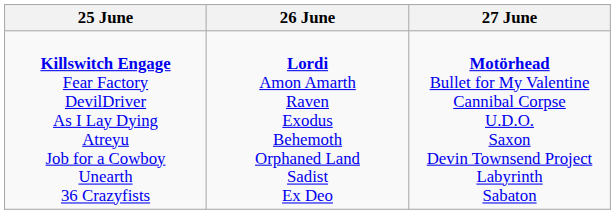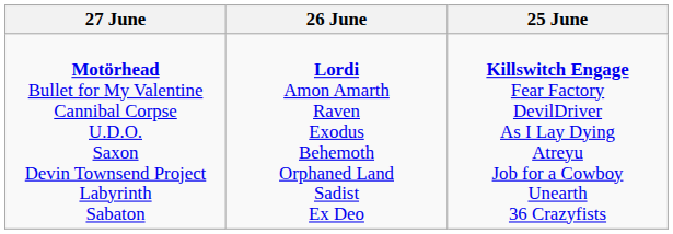 <table class="wikitable">
 <tr>
+<th>27 June</th>
+<th>26 June</th>
 <th>25 June</th>
-<th>26 June</th>
-<th>27 June</th>
 </tr>
 <tr>
+<td valign="top" align="center" width=185><br><strong><a href='#'>Motörhead</a></strong> <br><a href='#'>Bullet for My Valentine</a> <br><a href='#'>Cannibal Corpse</a> <br><a href='#'>U.D.O.</a> <br><a href='#'>Saxon</a> <br><a href='#'>Devin Townsend Project</a> <br><a href='#'>Labyrinth</a> <br><a href='#'>Sabaton</a></td>
+<td valign="top" align="center" width=185><br><strong><a href='#'>Lordi</a></strong> <br><a href='#'>Amon Amarth</a> <br><a href='#'>Raven</a> <br><a href='#'>Exodus</a> <br><a href='#'>Behemoth</a> <br><a href='#'>Orphaned Land</a> <br><a href='#'>Sadist</a> <br><a href='#'>Ex Deo</a></td>
 <td valign="top" align="center" width=185><br><strong><a href='#'>Killswitch Engage</a></strong> <br><a href='#'>Fear Factory</a> <br><a href='#'>DevilDriver</a> <br><a href='#'>As I Lay Dying</a> <br><a href='#'>Atreyu</a> <br><a href='#'>Job for a Cowboy</a> <br><a href='#'>Unearth</a> <br><a href='#'>36 Crazyfists</a></td>
-<td valign="top" align="center" width=185><br><strong><a href='#'>Lordi</a></strong> <br><a href='#'>Amon Amarth</a> <br><a href='#'>Raven</a> <br><a href='#'>Exodus</a> <br><a href='#'>Behemoth</a> <br><a href='#'>Orphaned Land</a> <br><a href='#'>Sadist</a> <br><a href='#'>Ex Deo</a></td>
-<td valign="top" align="center" width=185><br><strong><a href='#'>Motörhead</a></strong> <br><a href='#'>Bullet for My Valentine</a> <br><a href='#'>Cannibal Corpse</a> <br><a href='#'>U.D.O.</a> <br><a href='#'>Saxon</a> <br><a href='#'>Devin Townsend Project</a> <br><a href='#'>Labyrinth</a> <br><a href='#'>Sabaton</a></td>
 </tr>
 </table>
